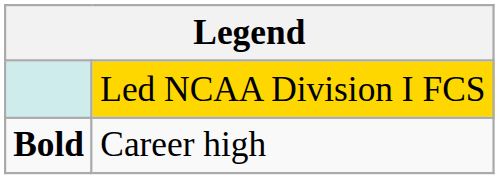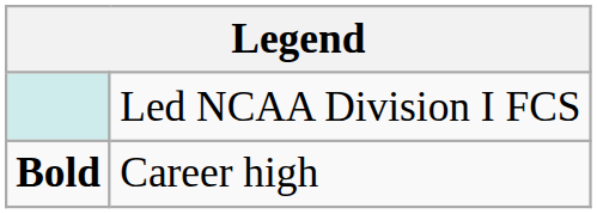 <table class="wikitable">
 <tr>
 <th colspan="2">Legend</th>
 </tr>
 <tr>
 <td style="background:#cfecec;"></td>
-<td style="background: gold;">Led NCAA Division I FCS</td>
+<td>Led NCAA Division I FCS</td>
 </tr>
 <tr>
 <td><strong>Bold</strong></td>
 <td>Career high</td>
 </tr>
 </table>
